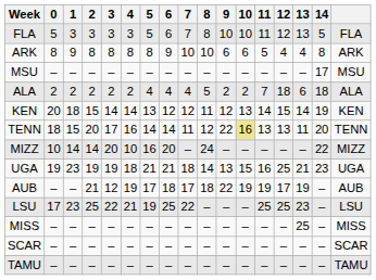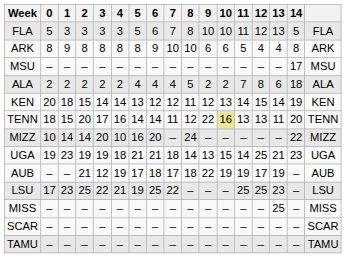 <table class="wikitable sortable" style="text-align:center">
 <tr>
 <th>Week</th>
 <th>0</th>
 <th>1</th>
 <th>2</th>
 <th>3</th>
 <th>4</th>
 <th>5</th>
 <th>6</th>
 <th>7</th>
 <th>8</th>
 <th>9</th>
 <th>10</th>
 <th>11</th>
 <th>12</th>
 <th>13</th>
 <th>14</th>
 <th class=unsortable></th>
 </tr>
 <tr style="background-color:#E8E8E8">
 <td>FLA</td>
 <td>5</td>
 <td>3</td>
 <td>3</td>
 <td>3</td>
 <td>3</td>
 <td>5</td>
 <td>6</td>
 <td>7</td>
 <td>8</td>
 <td>10</td>
 <td>10</td>
 <td>11</td>
 <td>12</td>
 <td>13</td>
 <td>5</td>
 <td>FLA</td>
 </tr>
 <tr>
 <td>ARK</td>
 <td>8</td>
 <td>9</td>
 <td>8</td>
 <td>8</td>
 <td>8</td>
 <td>8</td>
 <td>9</td>
 <td>10</td>
 <td>10</td>
 <td>6</td>
 <td>6</td>
 <td>5</td>
 <td>4</td>
 <td>4</td>
 <td>8</td>
 <td>ARK</td>
 </tr>
 <tr>
 <td>MSU</td>
 <td data-sort-value=26>–</td>
 <td data-sort-value=26>–</td>
 <td data-sort-value=26>–</td>
 <td data-sort-value=26>–</td>
 <td data-sort-value=26>–</td>
 <td data-sort-value=26>–</td>
 <td data-sort-value=26>–</td>
 <td data-sort-value=26>–</td>
 <td data-sort-value=26>–</td>
 <td data-sort-value=26>–</td>
 <td data-sort-value=26>–</td>
 <td data-sort-value=26>–</td>
 <td data-sort-value=26>–</td>
 <td data-sort-value=26>–</td>
 <td>17</td>
 <td>MSU</td>
 </tr>
 <tr style="background-color:#E8E8E8">
 <td>ALA</td>
 <td>2</td>
 <td>2</td>
 <td>2</td>
 <td>2</td>
 <td>2</td>
 <td>4</td>
 <td>4</td>
 <td>4</td>
 <td>5</td>
 <td>2</td>
 <td>2</td>
 <td>7</td>
-<td>18</td>
+<td>8</td>
 <td>6</td>
 <td>18</td>
 <td>ALA</td>
 </tr>
 <tr>
 <td>KEN</td>
 <td>20</td>
 <td>18</td>
 <td>15</td>
 <td>14</td>
 <td>14</td>
 <td>13</td>
 <td>12</td>
 <td>12</td>
 <td>11</td>
 <td>12</td>
 <td>13</td>
 <td>14</td>
 <td>15</td>
 <td>14</td>
 <td>19</td>
 <td>KEN</td>
 </tr>
 <tr>
 <td>TENN</td>
 <td>18</td>
 <td>15</td>
 <td>20</td>
 <td>17</td>
 <td>16</td>
 <td>14</td>
 <td>14</td>
 <td>11</td>
 <td>12</td>
 <td>22</td>
 <td style="background: khaki;">16</td>
 <td>13</td>
 <td>13</td>
 <td>11</td>
 <td>20</td>
 <td>TENN</td>
 </tr>
 <tr style="background-color:#E8E8E8">
 <td data-sort-value=MO>MIZZ</td>
 <td>10</td>
 <td>14</td>
 <td>14</td>
 <td>20</td>
 <td>10</td>
 <td>16</td>
 <td>20</td>
 <td data-sort-value=27>–</td>
 <td>24</td>
 <td data-sort-value=27>–</td>
 <td data-sort-value=27>–</td>
 <td data-sort-value=27>–</td>
 <td data-sort-value=27>–</td>
 <td data-sort-value=27>–</td>
 <td>22</td>
 <td>MIZZ</td>
 </tr>
 <tr>
 <td data-sort-value=G>UGA</td>
 <td>19</td>
 <td>23</td>
 <td>19</td>
 <td>19</td>
 <td>18</td>
 <td>21</td>
 <td>21</td>
 <td>18</td>
 <td>14</td>
 <td>13</td>
 <td>15</td>
-<td>16</td>
+<td>14</td>
 <td>25</td>
 <td>21</td>
 <td>23</td>
 <td>UGA</td>
 </tr>
 <tr>
 <td>AUB</td>
 <td data-sort-value=28>–</td>
 <td data-sort-value=28>–</td>
 <td>21</td>
 <td>12</td>
 <td>19</td>
 <td>17</td>
 <td>18</td>
 <td>17</td>
 <td>18</td>
 <td>22</td>
 <td>19</td>
 <td>19</td>
 <td>17</td>
 <td>19</td>
 <td data-sort-value=28>–</td>
 <td>AUB</td>
 </tr>
 <tr style="background-color:#E8E8E8">
 <td>LSU</td>
 <td>17</td>
 <td>23</td>
 <td>25</td>
 <td>22</td>
 <td>21</td>
 <td>19</td>
 <td>25</td>
 <td>22</td>
 <td data-sort-value=29>–</td>
 <td data-sort-value=29>–</td>
 <td data-sort-value=29>–</td>
 <td>25</td>
 <td>25</td>
 <td>23</td>
 <td data-sort-value=29>–</td>
 <td>LSU</td>
 </tr>
 <tr>
 <td data-sort-value=O>MISS</td>
 <td data-sort-value=30>–</td>
 <td data-sort-value=30>–</td>
 <td data-sort-value=30>–</td>
 <td data-sort-value=30>–</td>
 <td data-sort-value=30>–</td>
 <td data-sort-value=30>–</td>
 <td data-sort-value=30>–</td>
 <td data-sort-value=30>–</td>
 <td data-sort-value=30>–</td>
 <td data-sort-value=30>–</td>
 <td data-sort-value=30>–</td>
 <td data-sort-value=30>–</td>
 <td data-sort-value=30>–</td>
 <td>25</td>
 <td data-sort-value=30>–</td>
 <td>MISS</td>
 </tr>
 <tr>
 <td>SCAR</td>
 <td data-sort-value=31>–</td>
 <td data-sort-value=31>–</td>
 <td data-sort-value=31>–</td>
 <td data-sort-value=31>–</td>
 <td data-sort-value=31>–</td>
 <td data-sort-value=31>–</td>
 <td data-sort-value=31>–</td>
 <td data-sort-value=31>–</td>
 <td data-sort-value=31>–</td>
 <td data-sort-value=31>–</td>
 <td data-sort-value=31>–</td>
 <td data-sort-value=31>–</td>
 <td data-sort-value=31>–</td>
 <td data-sort-value=31>–</td>
 <td data-sort-value=31>–</td>
 <td>SCAR</td>
 </tr>
 <tr style="background-color:#E8E8E8">
 <td data-sort-value=TEX>TAMU</td>
 <td data-sort-value=31>–</td>
 <td data-sort-value=31>–</td>
 <td data-sort-value=31>–</td>
 <td data-sort-value=31>–</td>
 <td data-sort-value=31>–</td>
 <td data-sort-value=31>–</td>
 <td data-sort-value=31>–</td>
 <td data-sort-value=31>–</td>
 <td data-sort-value=31>–</td>
 <td data-sort-value=31>–</td>
 <td data-sort-value=31>–</td>
 <td data-sort-value=31>–</td>
 <td data-sort-value=31>–</td>
 <td data-sort-value=31>–</td>
 <td data-sort-value=31>–</td>
 <td>TAMU</td>
 </tr>
 </table>
